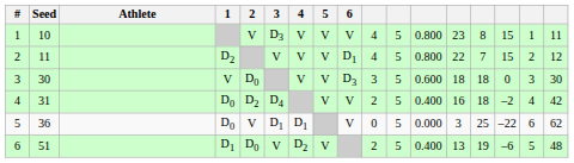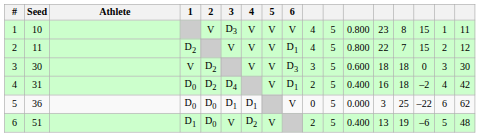 <table class="wikitable" style="text-align:center">
 <tr>
 <th width="25">#</th>
 <th width="25">Seed</th>
 <th width="200">Athlete</th>
 <th width="25">1</th>
 <th width="25">2</th>
 <th width="25">3</th>
 <th width="25">4</th>
 <th width="25">5</th>
 <th width="25">6</th>
 <th width="25"></th>
 <th width="25"></th>
 <th width="40"></th>
 <th width="25"></th>
 <th width="25"></th>
 <th width="25"></th>
 <th width="25"></th>
 <th width="25"></th>
 </tr>
 <tr bgcolor="#ccffcc">
 <td>1</td>
 <td>10</td>
 <td align=left></td>
 <td bgcolor="#cccccc"></td>
 <td>V</td>
 <td>D<sub>3</sub></td>
 <td>V</td>
 <td>V</td>
 <td>V</td>
 <td>4</td>
 <td>5</td>
 <td>0.800</td>
 <td>23</td>
 <td>8</td>
 <td>15</td>
 <td>1</td>
 <td>11</td>
 </tr>
 <tr bgcolor="#ccffcc">
 <td>2</td>
 <td>11</td>
 <td align=left></td>
 <td>D<sub>2</sub></td>
 <td bgcolor="#cccccc"></td>
 <td>V</td>
 <td>V</td>
 <td>V</td>
 <td>D<sub>1</sub></td>
 <td>4</td>
 <td>5</td>
 <td>0.800</td>
 <td>22</td>
 <td>7</td>
 <td>15</td>
 <td>2</td>
 <td>12</td>
 </tr>
 <tr bgcolor="#ccffcc">
 <td>3</td>
 <td>30</td>
 <td align=left></td>
 <td>V</td>
-<td>D<sub>0</sub></td>
+<td>D<sub>2</sub></td>
 <td bgcolor="#cccccc"></td>
 <td>V</td>
 <td>V</td>
 <td>D<sub>3</sub></td>
 <td>3</td>
 <td>5</td>
 <td>0.600</td>
 <td>18</td>
 <td>18</td>
 <td>0</td>
 <td>3</td>
 <td>30</td>
 </tr>
 <tr bgcolor="#ccffcc">
 <td>4</td>
 <td>31</td>
 <td align=left></td>
 <td>D<sub>0</sub></td>
 <td>D<sub>2</sub></td>
 <td>D<sub>4</sub></td>
 <td bgcolor="#cccccc"></td>
 <td>V</td>
-<td>V</td>
+<td>D<sub>1</sub></td>
 <td>2</td>
 <td>5</td>
 <td>0.400</td>
 <td>16</td>
 <td>18</td>
 <td>–2</td>
 <td>4</td>
 <td>42</td>
 </tr>
 <tr>
 <td>5</td>
 <td>36</td>
 <td align=left></td>
 <td>D<sub>0</sub></td>
-<td>V</td>
+<td>D<sub>0</sub></td>
 <td>D<sub>1</sub></td>
 <td>D<sub>1</sub></td>
 <td bgcolor="#cccccc"></td>
 <td>V</td>
 <td>0</td>
 <td>5</td>
 <td>0.000</td>
 <td>3</td>
 <td>25</td>
 <td>–22</td>
 <td>6</td>
 <td>62</td>
 </tr>
 <tr bgcolor="#ccffcc">
 <td>6</td>
 <td>51</td>
 <td align=left></td>
 <td>D<sub>1</sub></td>
 <td>D<sub>0</sub></td>
 <td>V</td>
 <td>D<sub>2</sub></td>
 <td>V</td>
 <td bgcolor="#cccccc"></td>
 <td>2</td>
 <td>5</td>
 <td>0.400</td>
 <td>13</td>
 <td>19</td>
 <td>–6</td>
 <td>5</td>
 <td>48</td>
 </tr>
 </table>
